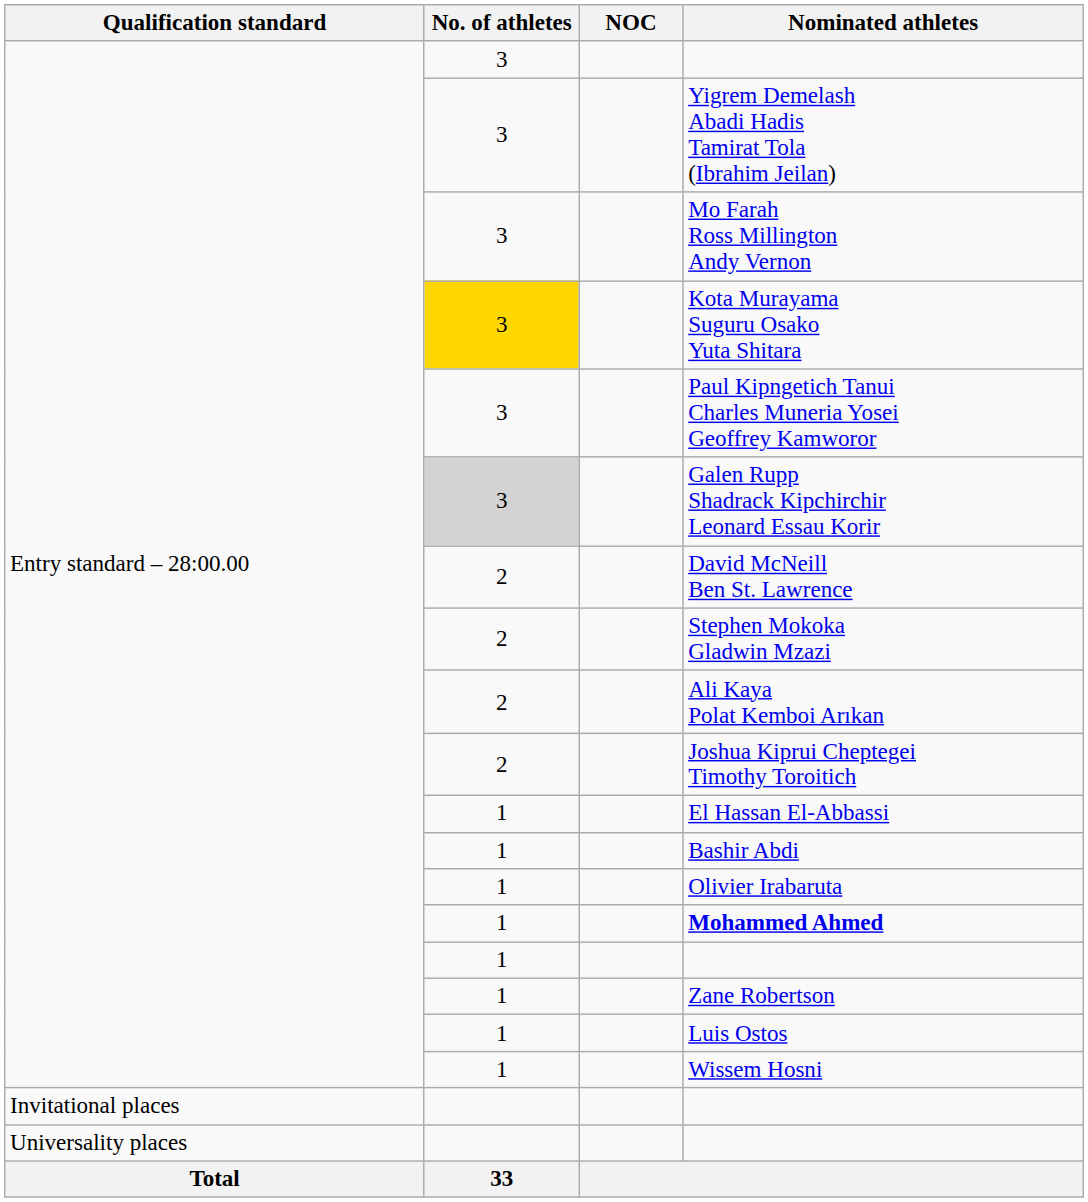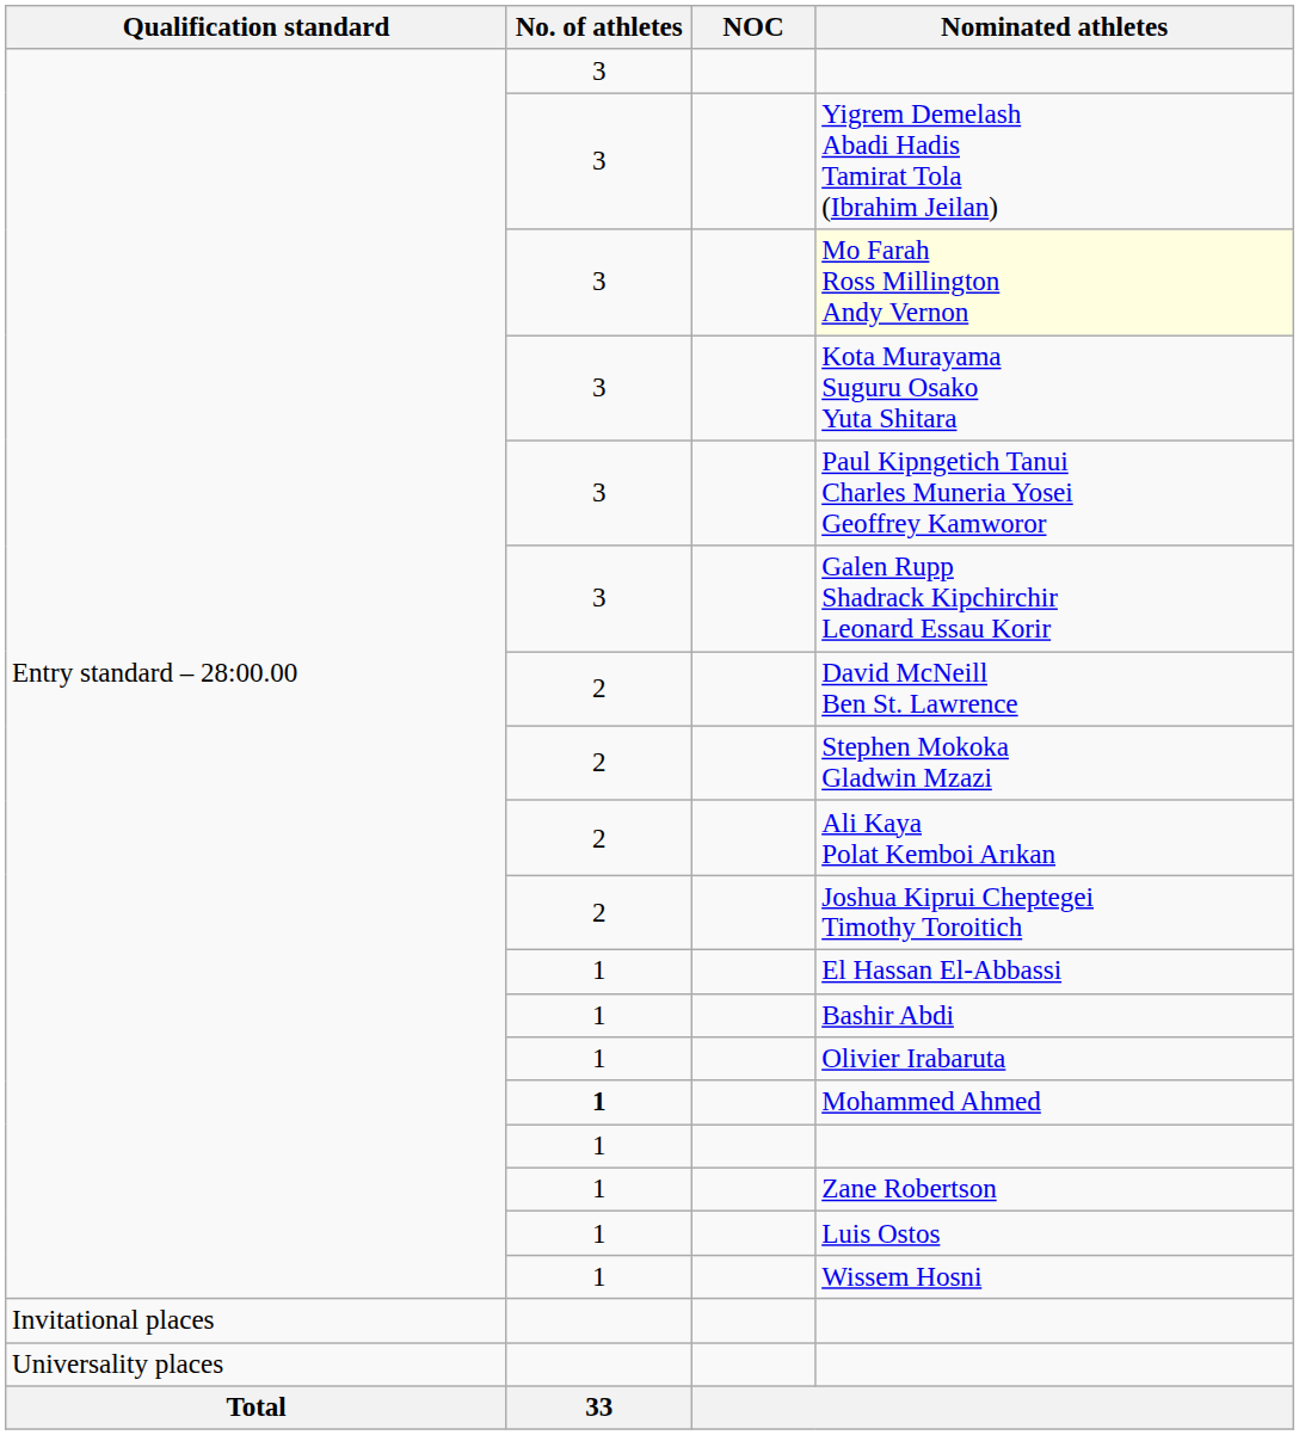 <table class="wikitable"  style="text-align:left; width:750px;">
 <tr>
 <th>Qualification standard</th>
 <th width=100>No. of athletes</th>
 <th>NOC</th>
 <th>Nominated athletes</th>
 </tr>
 <tr>
 <td rowspan=18>Entry standard – 28:00.00</td>
 <td style="text-align:center;">3</td>
 <td></td>
 <td></td>
 </tr>
 <tr>
 <td style="text-align:center;">3</td>
 <td></td>
 <td><a href='#'>Yigrem Demelash</a><br><a href='#'>Abadi Hadis</a><br><a href='#'>Tamirat Tola</a><br>(<a href='#'>Ibrahim Jeilan</a>)</td>
 </tr>
 <tr>
 <td style="text-align:center;">3</td>
 <td></td>
-<td><a href='#'>Mo Farah</a><br><a href='#'>Ross Millington</a><br><a href='#'>Andy Vernon</a></td>
+<td style="background: lightyellow;"><a href='#'>Mo Farah</a><br><a href='#'>Ross Millington</a><br><a href='#'>Andy Vernon</a></td>
 </tr>
 <tr>
-<td style="background: gold; text-align:center;">3</td>
+<td style="text-align:center;">3</td>
 <td></td>
 <td><a href='#'>Kota Murayama</a><br><a href='#'>Suguru Osako</a><br><a href='#'>Yuta Shitara</a></td>
 </tr>
 <tr>
 <td style="text-align:center;">3</td>
 <td></td>
 <td><a href='#'>Paul Kipngetich Tanui</a><br><a href='#'>Charles Muneria Yosei</a><br><a href='#'>Geoffrey Kamworor</a></td>
 </tr>
 <tr>
-<td style="background: lightgrey; text-align:center;">3</td>
+<td style="text-align:center;">3</td>
 <td></td>
 <td><a href='#'>Galen Rupp</a><br><a href='#'>Shadrack Kipchirchir</a><br><a href='#'>Leonard Essau Korir</a></td>
 </tr>
 <tr>
 <td style="text-align:center;">2</td>
 <td></td>
 <td><a href='#'>David McNeill</a><br><a href='#'>Ben St. Lawrence</a></td>
 </tr>
 <tr>
 <td style="text-align:center;">2</td>
 <td></td>
 <td><a href='#'>Stephen Mokoka</a><br><a href='#'>Gladwin Mzazi</a></td>
 </tr>
 <tr>
 <td style="text-align:center;">2</td>
 <td></td>
 <td><a href='#'>Ali Kaya</a><br><a href='#'>Polat Kemboi Arıkan</a></td>
 </tr>
 <tr>
 <td style="text-align:center;">2</td>
 <td></td>
 <td><a href='#'>Joshua Kiprui Cheptegei</a><br><a href='#'>Timothy Toroitich</a></td>
 </tr>
 <tr>
 <td style="text-align:center;">1</td>
 <td></td>
 <td><a href='#'>El Hassan El-Abbassi</a></td>
 </tr>
 <tr>
 <td style="text-align:center;">1</td>
 <td></td>
 <td><a href='#'>Bashir Abdi</a></td>
 </tr>
 <tr>
 <td style="text-align:center;">1</td>
 <td></td>
 <td><a href='#'>Olivier Irabaruta</a></td>
 </tr>
 <tr>
-<td style="text-align:center;">1</td>
+<td style="text-align:center;"><strong>1</strong></td>
 <td></td>
-<td><strong><a href='#'>Mohammed Ahmed</a></strong></td>
+<td><a href='#'>Mohammed Ahmed</a></td>
 </tr>
 <tr>
 <td style="text-align:center;">1</td>
 <td></td>
 <td></td>
 </tr>
 <tr>
 <td style="text-align:center;">1</td>
 <td></td>
 <td><a href='#'>Zane Robertson</a></td>
 </tr>
 <tr>
 <td style="text-align:center;">1</td>
 <td></td>
 <td><a href='#'>Luis Ostos</a></td>
 </tr>
 <tr>
 <td style="text-align:center;">1</td>
 <td></td>
 <td><a href='#'>Wissem Hosni</a></td>
 </tr>
 <tr>
 <td>Invitational places</td>
 <td></td>
 <td></td>
 </tr>
 <tr>
 <td>Universality places</td>
 <td></td>
 <td></td>
 <td></td>
 </tr>
 <tr>
 <th>Total</th>
 <th>33</th>
 <th colspan=2></th>
 </tr>
 </table>
